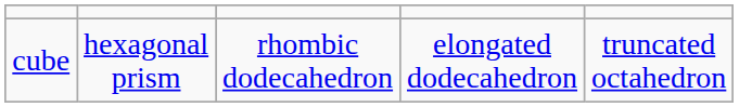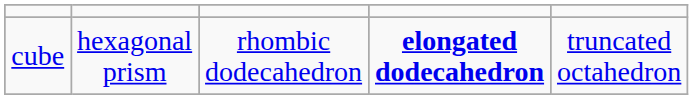 <table class=wikitable width=300>
 <tr align=center>
 <td></td>
 <td></td>
 <td></td>
 <td></td>
 <td></td>
 </tr>
 <tr align=center>
 <td><a href='#'>cube</a></td>
 <td><a href='#'>hexagonal prism</a></td>
 <td><a href='#'>rhombic dodecahedron</a></td>
-<td><a href='#'>elongated dodecahedron</a></td>
+<td><strong><a href='#'>elongated dodecahedron</a></strong></td>
 <td><a href='#'>truncated octahedron</a></td>
 </tr>
 </table>
